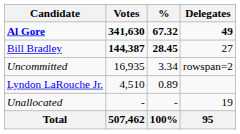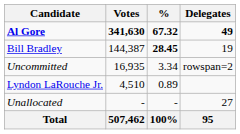 <table class="wikitable sortable" style="text-align:right;">
 <tr>
 <th>Candidate</th>
 <th>Votes</th>
 <th>%</th>
 <th>Delegates</th>
 </tr>
 <tr>
 <td style="text-align:left;" data-sort-value="Gore, Al"><strong><a href='#'>Al Gore</a></strong></td>
 <td><strong>341,630</strong></td>
 <td><strong>67.32</strong></td>
 <td><strong>49</strong></td>
 </tr>
 <tr>
 <td style="text-align:left;" data-sort-value="Bradley, Bill"><a href='#'>Bill Bradley</a></td>
-<td><strong>144,387</strong></td>
+<td>144,387</td>
 <td><strong>28.45</strong></td>
-<td>27</td>
+<td>19</td>
 </tr>
 <tr>
 <td style="text-align:left;" data-sort-value="ZZZ"><em>Uncommitted</em></td>
 <td>16,935</td>
 <td>3.34</td>
 <td>rowspan=2 </td>
 </tr>
 <tr>
 <td style="text-align:left;" data-sort-value="LaRouche Jr., Lyndon"><a href='#'>Lyndon LaRouche Jr.</a></td>
 <td>4,510</td>
 <td>0.89</td>
 </tr>
 <tr>
 <td style="text-align:left;" data-sort-value="ZZZ"><em>Unallocated</em></td>
 <td>-</td>
 <td>-</td>
-<td>19</td>
+<td>27</td>
 </tr>
 <tr>
 <th>Total</th>
 <th>507,462</th>
 <th>100%</th>
 <th>95</th>
 </tr>
 </table>
